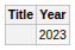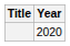 <table class="wikitable plainrowheaders" style="text-align:center">
 <tr>
 <th scope="col">Title</th>
 <th scope="col">Year</th>
 </tr>
 <tr>
 <th scope="row"><br></th>
-<td>2023</td>
+<td>2020</td>
 </tr>
 </table>
